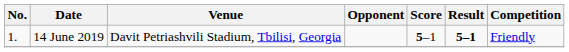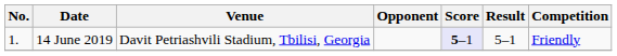 <table class="wikitable">
 <tr>
 <th>No.</th>
 <th>Date</th>
 <th>Venue</th>
 <th>Opponent</th>
 <th>Score</th>
 <th>Result</th>
 <th>Competition</th>
 </tr>
 <tr>
 <td>1.</td>
 <td>14 June 2019</td>
 <td>Davit Petriashvili Stadium, <a href='#'>Tbilisi</a>, <a href='#'>Georgia</a></td>
 <td></td>
-<td align=center><strong>5</strong>–1</td>
-<td align=center><strong>5–1</strong></td>
+<td align=center style="background: lavender;"><strong>5</strong>–1</td>
+<td align=center>5–1</td>
 <td><a href='#'>Friendly</a></td>
 </tr>
 <tr>
 </tr>
 </table>
